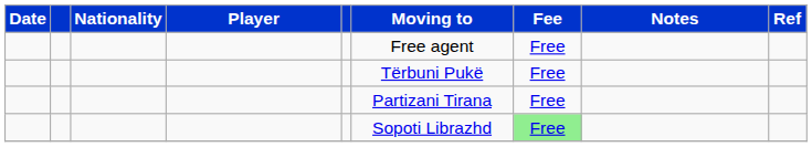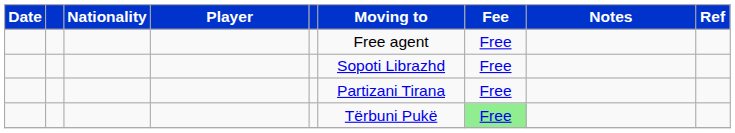 <table class="wikitable"  style="text-align:center; font-size:90%; ">
 <tr>
 <th style="background:#03c; color:white; width:15px;">Date</th>
 <th style="background:#03c; color:white; width:10px;"></th>
 <th style="background:#03c; color:white; width:10px;">Nationality</th>
 <th style="background:#03c; color:white; width:140px;">Player</th>
 <th style="background:#03c; color:white; width:1px;"></th>
 <th style="background:#03c; color:white; width:130px;">Moving to</th>
 <th style="background:#03c; color:white; width:50px;">Fee</th>
 <th style="background:#03c; color:white; width:150px;">Notes</th>
 <th style="background:#03c; color:white; width:25px;">Ref</th>
 </tr>
 <tr>
 <td></td>
 <td align=center></td>
 <td align=center></td>
 <td></td>
 <td></td>
 <td>Free agent</td>
 <td align=center><a href='#'>Free</a></td>
 <td align=center></td>
 <td align=center></td>
 </tr>
 <tr>
 <td></td>
 <td align=center></td>
 <td align=center></td>
 <td></td>
 <td></td>
-<td><a href='#'>Tërbuni Pukë</a></td>
+<td><a href='#'>Sopoti Librazhd</a></td>
 <td align=center><a href='#'>Free</a></td>
 <td align=center></td>
 <td align=center></td>
 </tr>
 <tr>
 <td></td>
 <td align=center></td>
 <td align=center></td>
 <td></td>
 <td></td>
 <td><a href='#'>Partizani Tirana</a></td>
 <td align=center><a href='#'>Free</a></td>
 <td align=center></td>
 <td align=center></td>
 </tr>
 <tr>
 <td></td>
 <td align=center></td>
 <td align=center></td>
 <td></td>
 <td></td>
-<td><a href='#'>Sopoti Librazhd</a></td>
+<td><a href='#'>Tërbuni Pukë</a></td>
 <td align=center style="background: lightgreen;"><a href='#'>Free</a></td>
 <td align=center></td>
 <td align=center></td>
 </tr>
 <tr>
 </tr>
 </table>
